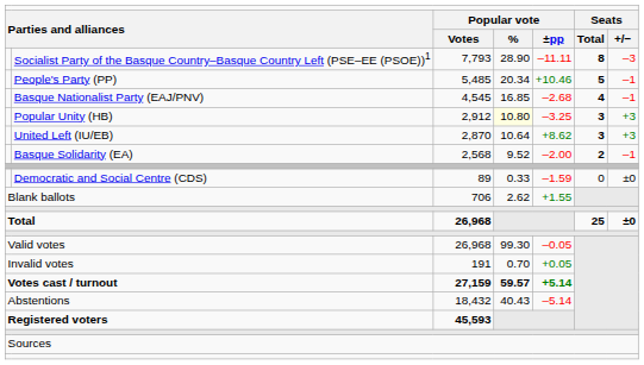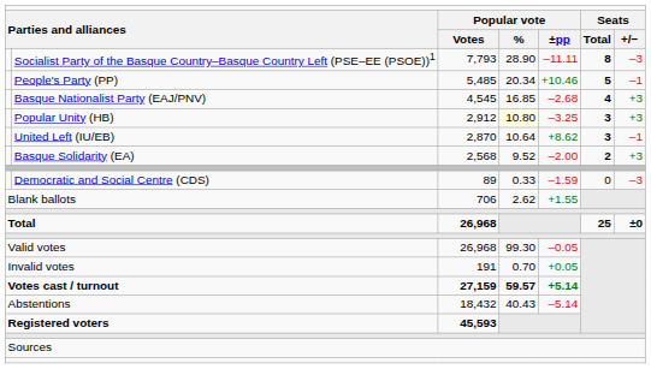 <table class="wikitable" style="text-align:right;">
 <tr>
 <td colspan="7"></td>
 </tr>
 <tr>
 <th style="text-align:left;" rowspan="2" colspan="2" width="525">Parties and alliances</th>
 <th colspan="3">Popular vote</th>
 <th colspan="2">Seats</th>
 </tr>
 <tr>
 <th width="75">Votes</th>
 <th width="45">%</th>
 <th width="45">±<a href='#'>pp</a></th>
 <th width="35">Total</th>
 <th width="35">+/−</th>
 </tr>
 <tr>
 <td width="1" style="color:inherit;background:"></td>
 <td align="left"><a href='#'>Socialist Party of the Basque Country–Basque Country Left</a> (PSE–EE (PSOE))<sup>1</sup></td>
 <td>7,793</td>
 <td>28.90</td>
 <td style="color:red;">–11.11</td>
 <td><strong>8</strong></td>
 <td style="color:red;">–3</td>
 </tr>
 <tr>
 <td style="color:inherit;background:"></td>
 <td align="left"><a href='#'>People's Party</a> (PP)</td>
 <td>5,485</td>
 <td>20.34</td>
 <td style="color:green;">+10.46</td>
 <td><strong>5</strong></td>
 <td style="color:red;">–1</td>
 </tr>
 <tr>
 <td style="color:inherit;background:"></td>
 <td align="left"><a href='#'>Basque Nationalist Party</a> (EAJ/PNV)</td>
 <td>4,545</td>
 <td>16.85</td>
 <td style="color:red;">–2.68</td>
 <td><strong>4</strong></td>
-<td style="color:red;">–1</td>
+<td style="color:green;">+3</td>
 </tr>
 <tr>
 <td style="color:inherit;background:"></td>
 <td align="left"><a href='#'>Popular Unity</a> (HB)</td>
 <td>2,912</td>
 <td style="background: lightyellow;">10.80</td>
 <td style="color:red;">–3.25</td>
 <td><strong>3</strong></td>
 <td style="color:green;">+3</td>
 </tr>
 <tr>
 <td style="color:inherit;background:"></td>
 <td align="left"><a href='#'>United Left</a> (IU/EB)</td>
 <td>2,870</td>
 <td>10.64</td>
 <td style="color:green;">+8.62</td>
 <td><strong>3</strong></td>
-<td style="color:green;">+3</td>
+<td style="color:red;">–1</td>
 </tr>
 <tr>
 <td style="color:inherit;background:"></td>
 <td align="left"><a href='#'>Basque Solidarity</a> (EA)</td>
 <td>2,568</td>
 <td>9.52</td>
 <td style="color:red;">–2.00</td>
 <td><strong>2</strong></td>
-<td style="color:red;">–1</td>
+<td style="color:green;">+3</td>
 </tr>
 <tr>
 <td colspan="7" bgcolor="#C0C0C0"></td>
 </tr>
 <tr>
 <td style="color:inherit;background:"></td>
 <td align="left"><a href='#'>Democratic and Social Centre</a> (CDS)</td>
 <td>89</td>
 <td>0.33</td>
 <td style="color:red;">–1.59</td>
 <td>0</td>
-<td>±0</td>
+<td style="color:red;">–3</td>
 </tr>
 <tr>
 <td align="left" colspan="2">Blank ballots</td>
 <td>706</td>
 <td>2.62</td>
 <td style="color:green;">+1.55</td>
 <td bgcolor="#E9E9E9" colspan="2"></td>
 </tr>
 <tr>
 <td colspan="7" bgcolor="#E9E9E9"></td>
 </tr>
 <tr style="font-weight:bold;">
 <td align="left" colspan="2">Total</td>
 <td>26,968</td>
 <td bgcolor="#E9E9E9" colspan="2"></td>
 <td>25</td>
 <td>±0</td>
 </tr>
 <tr>
 <td colspan="7" bgcolor="#E9E9E9"></td>
 </tr>
 <tr>
 <td align="left" colspan="2">Valid votes</td>
 <td>26,968</td>
 <td>99.30</td>
 <td style="color:red;">–0.05</td>
 <td bgcolor="#E9E9E9" colspan="2" rowspan="5"></td>
 </tr>
 <tr>
 <td align="left" colspan="2">Invalid votes</td>
 <td>191</td>
 <td>0.70</td>
 <td style="color:green;">+0.05</td>
 </tr>
 <tr style="font-weight:bold;">
 <td align="left" colspan="2">Votes cast / turnout</td>
 <td>27,159</td>
 <td>59.57</td>
 <td style="color:green;">+5.14</td>
 </tr>
 <tr>
 <td align="left" colspan="2">Abstentions</td>
 <td>18,432</td>
 <td>40.43</td>
 <td style="color:red;">–5.14</td>
 </tr>
 <tr style="font-weight:bold;">
 <td align="left" colspan="2">Registered voters</td>
 <td>45,593</td>
 <td bgcolor="#E9E9E9" colspan="2"></td>
 </tr>
 <tr>
 <td colspan="7" bgcolor="#E9E9E9"></td>
 </tr>
 <tr>
 <td align="left" colspan="7">Sources</td>
 </tr>
 <tr>
 <td colspan="7" style="text-align:left; max-width:790px;"></td>
 </tr>
 </table>
